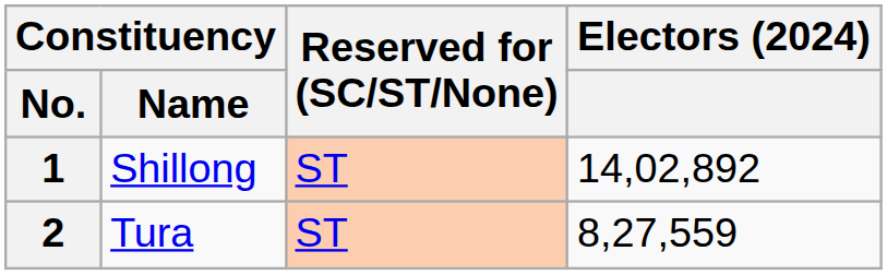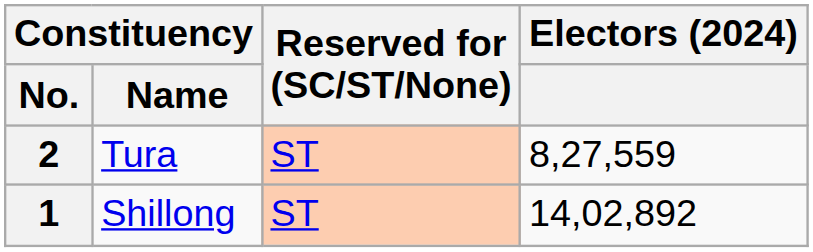 <table class="wikitable sortable">
 <tr>
 <th scope=colgroup colspan="2">Constituency</th>
 <th scope=col rowspan=2>Reserved for<br>(SC/ST/None)</th>
 <th>Electors (2024)</th>
 </tr>
 <tr>
 <th scope=col>No.</th>
 <th scope=col>Name</th>
 <th></th>
 </tr>
 <tr>
+<th scope=row>2</th>
+<td><a href='#'>Tura</a></td>
+<td style="background:#fdcdb0;"><a href='#'>ST</a></td>
+<td>8,27,559</td>
+</tr>
+<tr>
 <th scope=row>1</th>
 <td><a href='#'>Shillong</a></td>
 <td style="background:#fdcdb0;"><a href='#'>ST</a></td>
 <td>14,02,892</td>
 </tr>
-<tr>
-<th scope=row>2</th>
-<td><a href='#'>Tura</a></td>
-<td style="background:#fdcdb0;"><a href='#'>ST</a></td>
-<td>8,27,559</td>
-</tr>
 </table>
